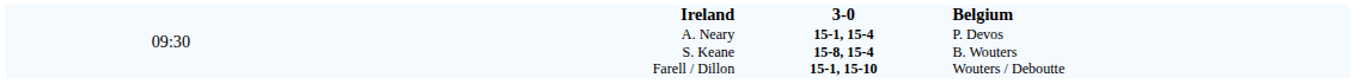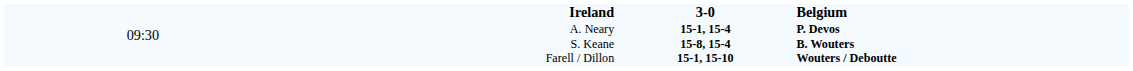 <table style="width: 100%; background:#F5FAFF;" cellspacing="0">
 <tr>
 <td align=center rowspan=3 width=20%>09:30</td>
 </tr>
 <tr>
 <td width=24% align=right><strong>Ireland</strong></td>
 <td align=center width=13%><strong>3-0</strong></td>
 <td width=24%><strong>Belgium</strong></td>
 </tr>
 <tr style=font-size:85%>
 <td align=right valign=top>A. Neary<br>S. Keane<br>Farell / Dillon</td>
 <td align=center><strong>15-1, 15-4<br>15-8, 15-4<br>15-1, 15-10</strong></td>
-<td valign=top>P. Devos<br>B. Wouters<br>Wouters / Deboutte</td>
+<td valign=top><strong>P. Devos<br>B. Wouters<br>Wouters / Deboutte</strong></td>
 </tr>
 </table>
